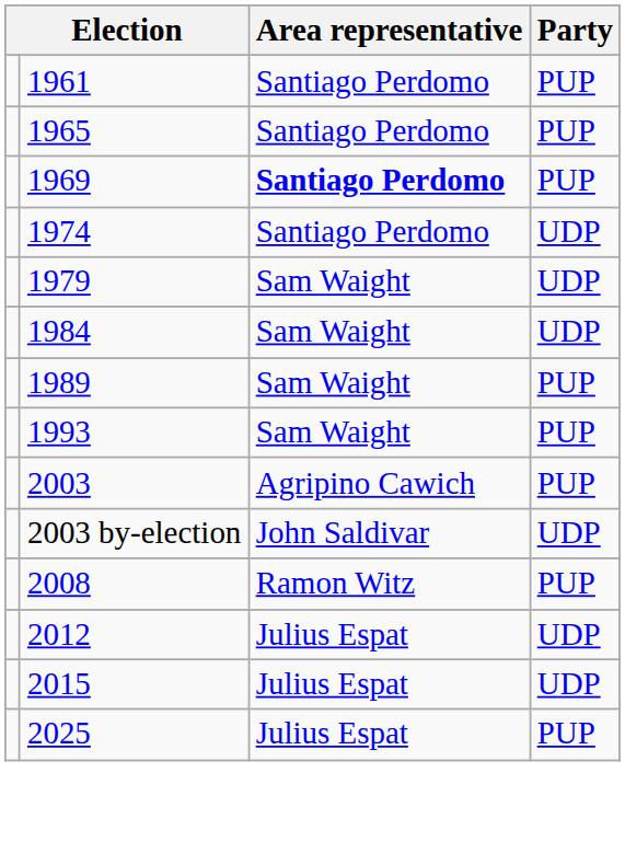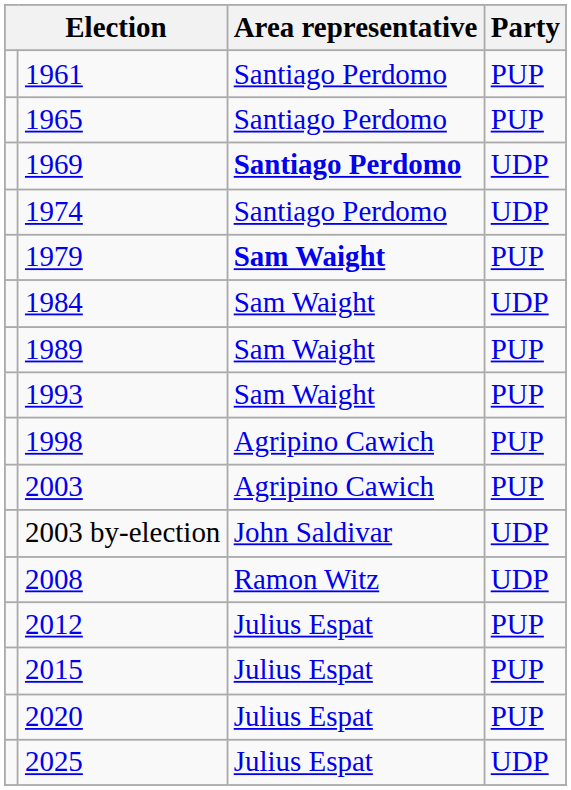 <table class="wikitable">
 <tr>
 <th colspan="2">Election</th>
 <th>Area representative</th>
 <th>Party</th>
 </tr>
 <tr>
 <td style="background-color: "></td>
 <td><a href='#'>1961</a></td>
 <td><a href='#'>Santiago Perdomo</a></td>
 <td><a href='#'>PUP</a></td>
 </tr>
 <tr>
 <td style="background-color: "></td>
 <td><a href='#'>1965</a></td>
 <td><a href='#'>Santiago Perdomo</a></td>
 <td><a href='#'>PUP</a></td>
 </tr>
 <tr>
 <td style="background-color: "></td>
 <td><a href='#'>1969</a></td>
 <td><strong><a href='#'>Santiago Perdomo</a></strong></td>
-<td><a href='#'>PUP</a></td>
+<td><a href='#'>UDP</a></td>
 </tr>
 <tr>
 <td style="background-color: "></td>
 <td><a href='#'>1974</a></td>
 <td><a href='#'>Santiago Perdomo</a></td>
 <td><a href='#'>UDP</a></td>
 </tr>
 <tr>
 <td style="background-color: "></td>
 <td><a href='#'>1979</a></td>
-<td><a href='#'>Sam Waight</a></td>
-<td><a href='#'>UDP</a></td>
+<td><strong><a href='#'>Sam Waight</a></strong></td>
+<td><a href='#'>PUP</a></td>
 </tr>
 <tr>
 <td style="background-color: "></td>
 <td><a href='#'>1984</a></td>
 <td><a href='#'>Sam Waight</a></td>
 <td><a href='#'>UDP</a></td>
 </tr>
 <tr>
 <td style="background-color: "></td>
 <td><a href='#'>1989</a></td>
 <td><a href='#'>Sam Waight</a></td>
 <td><a href='#'>PUP</a></td>
 </tr>
 <tr>
 <td style="background-color: "></td>
 <td><a href='#'>1993</a></td>
 <td><a href='#'>Sam Waight</a></td>
 <td><a href='#'>PUP</a></td>
 </tr>
 <tr>
 <td style="background-color: "></td>
+<td><a href='#'>1998</a></td>
+<td><a href='#'>Agripino Cawich</a></td>
+<td><a href='#'>PUP</a></td>
+</tr>
+<tr>
+<td style="background-color: "></td>
 <td><a href='#'>2003</a></td>
 <td><a href='#'>Agripino Cawich</a></td>
 <td><a href='#'>PUP</a></td>
 </tr>
 <tr>
 <td style="background-color: "></td>
 <td>2003 by-election</td>
 <td><a href='#'>John Saldivar</a></td>
 <td><a href='#'>UDP</a></td>
 </tr>
 <tr>
 <td style="background-color: "></td>
 <td><a href='#'>2008</a></td>
 <td><a href='#'>Ramon Witz</a></td>
-<td><a href='#'>PUP</a></td>
+<td><a href='#'>UDP</a></td>
 </tr>
 <tr>
 <td style="background-color: "></td>
 <td><a href='#'>2012</a></td>
 <td><a href='#'>Julius Espat</a></td>
-<td><a href='#'>UDP</a></td>
+<td><a href='#'>PUP</a></td>
 </tr>
 <tr>
 <td style="background-color: "></td>
 <td><a href='#'>2015</a></td>
 <td><a href='#'>Julius Espat</a></td>
-<td><a href='#'>UDP</a></td>
+<td><a href='#'>PUP</a></td>
+</tr>
+<tr>
+<td style="background-color: "></td>
+<td><a href='#'>2020</a></td>
+<td><a href='#'>Julius Espat</a></td>
+<td><a href='#'>PUP</a></td>
 </tr>
 <tr>
 <td style="background-color: "></td>
 <td><a href='#'>2025</a></td>
 <td><a href='#'>Julius Espat</a></td>
-<td><a href='#'>PUP</a></td>
+<td><a href='#'>UDP</a></td>
 </tr>
 </table>
